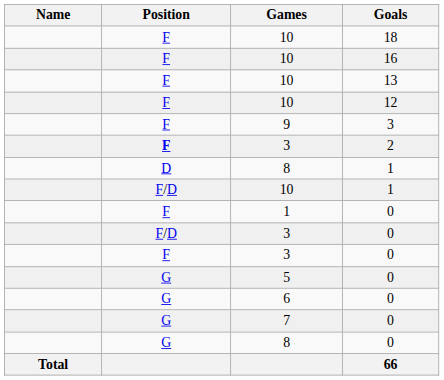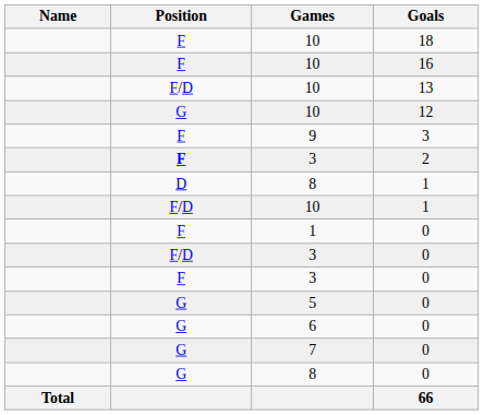 <table class="wikitable sortable" width ="40%">
 <tr align="center">
 <th><strong>Name</strong></th>
 <th><strong>Position</strong></th>
 <th><strong>Games</strong></th>
 <th><strong>Goals</strong></th>
 </tr>
 <tr align="center" bgcolor="">
 <td></td>
 <td><a href='#'>F</a></td>
 <td>10</td>
 <td>18</td>
 </tr>
 <tr align="center" bgcolor="f0f0f0">
 <td></td>
 <td><a href='#'>F</a></td>
 <td>10</td>
 <td>16</td>
 </tr>
 <tr align="center" bgcolor="">
 <td></td>
-<td><a href='#'>F</a></td>
+<td><a href='#'>F</a>/<a href='#'>D</a></td>
 <td>10</td>
 <td>13</td>
 </tr>
 <tr align="center" bgcolor="f0f0f0">
 <td></td>
-<td><a href='#'>F</a></td>
+<td><a href='#'>G</a></td>
 <td>10</td>
 <td>12</td>
 </tr>
 <tr align="center" bgcolor="">
 <td></td>
 <td><a href='#'>F</a></td>
 <td>9</td>
 <td>3</td>
 </tr>
 <tr align="center" bgcolor="f0f0f0">
 <td></td>
 <td><strong><a href='#'>F</a></strong></td>
 <td>3</td>
 <td>2</td>
 </tr>
 <tr align="center" bgcolor="">
 <td></td>
 <td><a href='#'>D</a></td>
 <td>8</td>
 <td>1</td>
 </tr>
 <tr align="center" bgcolor="f0f0f0">
 <td></td>
 <td><a href='#'>F</a>/<a href='#'>D</a></td>
 <td>10</td>
 <td>1</td>
 </tr>
 <tr align="center" bgcolor="">
 <td></td>
 <td><a href='#'>F</a></td>
 <td>1</td>
 <td>0</td>
 </tr>
 <tr align="center" bgcolor="f0f0f0">
 <td></td>
 <td><a href='#'>F</a>/<a href='#'>D</a></td>
 <td>3</td>
 <td>0</td>
 </tr>
 <tr align="center" bgcolor="">
 <td></td>
 <td><a href='#'>F</a></td>
 <td>3</td>
 <td>0</td>
 </tr>
 <tr align="center" bgcolor="f0f0f0">
 <td></td>
 <td><a href='#'>G</a></td>
 <td>5</td>
 <td>0</td>
 </tr>
 <tr align="center" bgcolor="">
 <td></td>
 <td><a href='#'>G</a></td>
 <td>6</td>
 <td>0</td>
 </tr>
 <tr align="center" bgcolor="f0f0f0">
 <td></td>
 <td><a href='#'>G</a></td>
 <td>7</td>
 <td>0</td>
 </tr>
 <tr align="center" bgcolor="">
 <td></td>
 <td><a href='#'>G</a></td>
 <td>8</td>
 <td>0</td>
 </tr>
 <tr>
 <th>Total</th>
 <th></th>
 <th></th>
 <th>66</th>
 </tr>
 </table>
